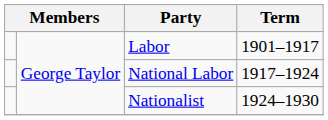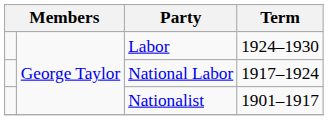 <table class="wikitable">
 <tr>
 <th colspan="2">Members</th>
 <th>Party</th>
 <th>Term</th>
 </tr>
 <tr>
 <td> </td>
 <td rowspan="3"><a href='#'>George Taylor</a></td>
 <td><a href='#'>Labor</a></td>
-<td>1901–1917</td>
+<td>1924–1930</td>
 </tr>
 <tr>
 <td> </td>
 <td><a href='#'>National Labor</a></td>
 <td>1917–1924</td>
 </tr>
 <tr>
 <td> </td>
 <td><a href='#'>Nationalist</a></td>
-<td>1924–1930</td>
+<td>1901–1917</td>
 </tr>
 <tr>
 </tr>
 </table>
